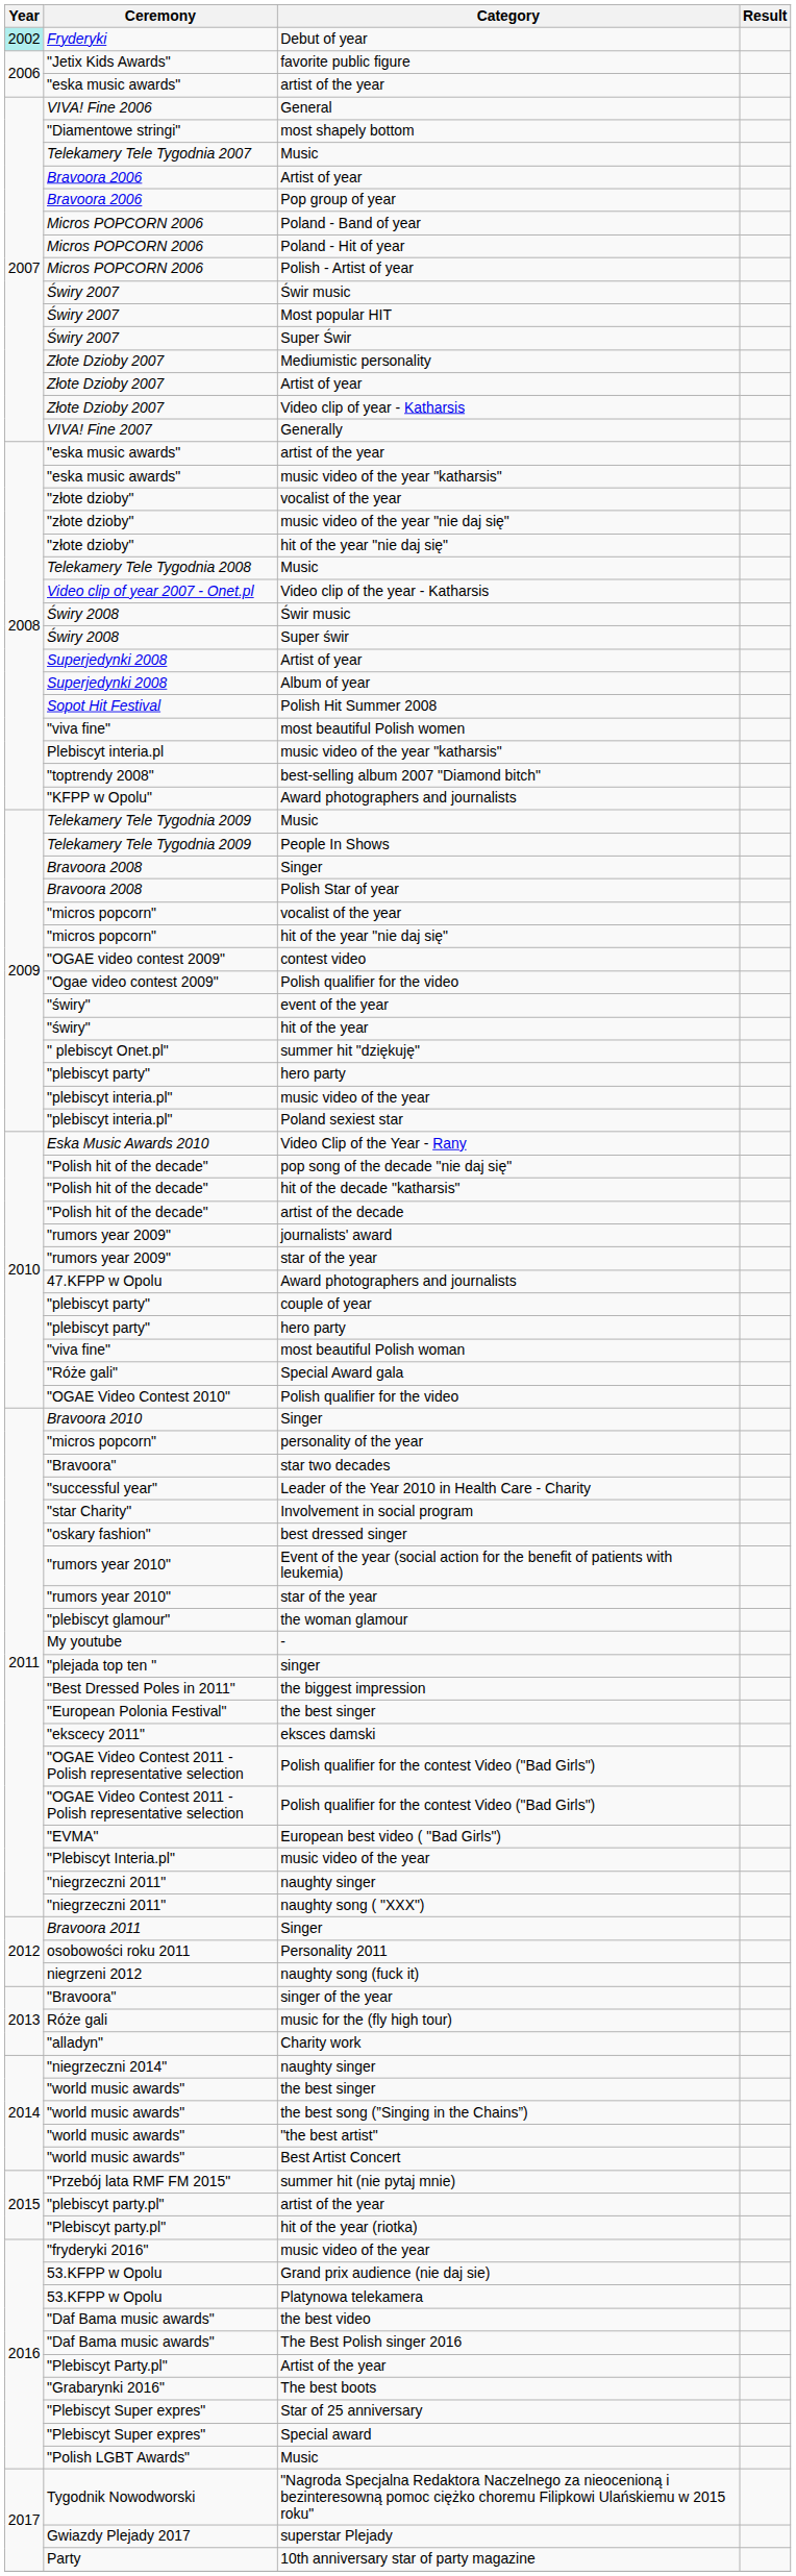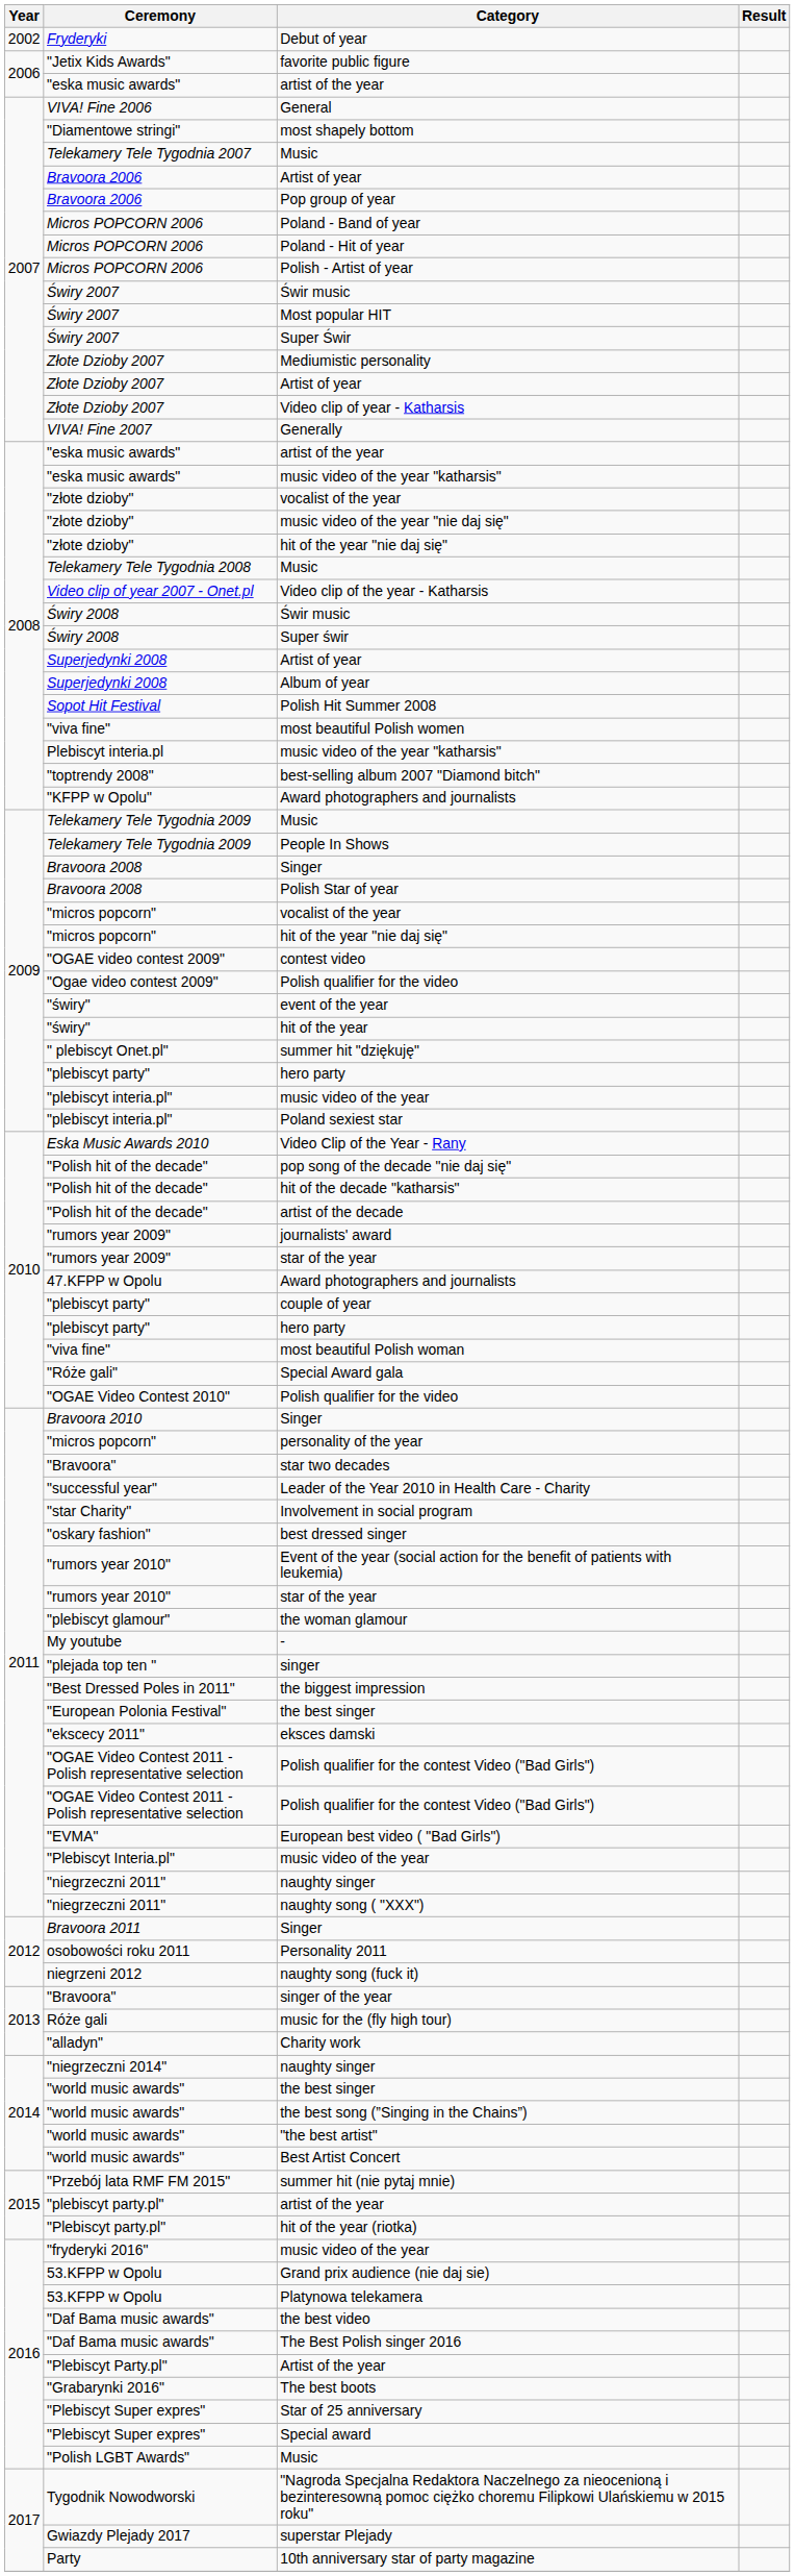 <table class="wikitable">
 <tr>
 <th align="left">Year</th>
 <th align="212">Ceremony</th>
 <th align="212">Category</th>
 <th align="left">Result</th>
 </tr>
 <tr>
-<td style="background: paleturquoise;">2002</td>
+<td>2002</td>
 <td><em><a href='#'>Fryderyki</a></em></td>
 <td>Debut of year</td>
 <td></td>
 </tr>
 <tr>
 <td rowspan="2" align="center">2006</td>
 <td>"Jetix Kids Awards"</td>
 <td>favorite public figure</td>
 <td></td>
 </tr>
 <tr>
 <td>"eska music awards"</td>
 <td>artist of the year</td>
 <td></td>
 </tr>
 <tr>
 <td rowspan="15" align="center">2007</td>
 <td><em>VIVA! Fine 2006</em></td>
 <td>General</td>
 <td></td>
 </tr>
 <tr>
 <td>"Diamentowe stringi"</td>
 <td>most shapely bottom</td>
 <td></td>
 </tr>
 <tr>
 <td><em>Telekamery Tele Tygodnia 2007</em></td>
 <td>Music</td>
 <td></td>
 </tr>
 <tr>
 <td><em><a href='#'>Bravoora 2006</a></em></td>
 <td>Artist of year</td>
 <td></td>
 </tr>
 <tr>
 <td><em><a href='#'>Bravoora 2006</a></em></td>
 <td>Pop group of year</td>
 <td></td>
 </tr>
 <tr>
 <td><em>Micros POPCORN 2006</em></td>
 <td>Poland - Band of year</td>
 <td></td>
 </tr>
 <tr>
 <td><em>Micros POPCORN 2006</em></td>
 <td>Poland - Hit of year</td>
 <td></td>
 </tr>
 <tr>
 <td><em>Micros POPCORN 2006</em></td>
 <td>Polish - Artist of year</td>
 <td></td>
 </tr>
 <tr>
 <td><em>Świry 2007</em></td>
 <td>Świr music</td>
 <td></td>
 </tr>
 <tr>
 <td><em>Świry 2007</em></td>
 <td>Most popular HIT</td>
 <td></td>
 </tr>
 <tr>
 <td><em>Świry 2007</em></td>
 <td>Super Świr</td>
 <td></td>
 </tr>
 <tr>
 <td><em>Złote Dzioby 2007</em></td>
 <td>Mediumistic personality</td>
 <td></td>
 </tr>
 <tr>
 <td><em>Złote Dzioby 2007</em></td>
 <td>Artist of year</td>
 <td></td>
 </tr>
 <tr>
 <td><em>Złote Dzioby 2007</em></td>
 <td>Video clip of year - <a href='#'>Katharsis</a></td>
 <td></td>
 </tr>
 <tr>
 <td><em>VIVA! Fine 2007</em></td>
 <td>Generally</td>
 <td></td>
 </tr>
 <tr>
 <td rowspan="16" align="center">2008</td>
 <td>"eska music awards"</td>
 <td>artist of the year</td>
 <td></td>
 </tr>
 <tr>
 <td>"eska music awards"</td>
 <td>music video of the year "katharsis"</td>
 <td></td>
 </tr>
 <tr>
 <td>"złote dzioby"</td>
 <td>vocalist of the year</td>
 <td></td>
 </tr>
 <tr>
 <td>"złote dzioby"</td>
 <td>music video of the year "nie daj się"</td>
 <td></td>
 </tr>
 <tr>
 <td>"złote dzioby"</td>
 <td>hit of the year "nie daj się"</td>
 <td></td>
 </tr>
 <tr>
 <td><em>Telekamery Tele Tygodnia 2008</em></td>
 <td>Music</td>
 <td></td>
 </tr>
 <tr>
 <td><em><a href='#'>Video clip of year 2007 - Onet.pl</a></em></td>
 <td>Video clip of the year  - Katharsis</td>
 <td></td>
 </tr>
 <tr>
 <td><em>Świry 2008</em></td>
 <td>Świr music</td>
 <td></td>
 </tr>
 <tr>
 <td><em>Świry 2008</em></td>
 <td>Super świr</td>
 <td></td>
 </tr>
 <tr>
 <td><em><a href='#'>Superjedynki 2008</a></em></td>
 <td>Artist of year</td>
 <td></td>
 </tr>
 <tr>
 <td><em><a href='#'>Superjedynki 2008</a></em></td>
 <td>Album of year</td>
 <td></td>
 </tr>
 <tr>
 <td><em><a href='#'>Sopot Hit Festival</a></em></td>
 <td>Polish Hit Summer 2008</td>
 <td></td>
 </tr>
 <tr>
 <td>"viva fine"</td>
 <td>most beautiful Polish women</td>
 <td></td>
 </tr>
 <tr>
 <td>Plebiscyt interia.pl</td>
 <td>music video of the year "katharsis"</td>
 <td></td>
 </tr>
 <tr>
 <td>"toptrendy 2008"</td>
 <td>best-selling album 2007 "Diamond bitch"</td>
 <td></td>
 </tr>
 <tr>
 <td>"KFPP w Opolu"</td>
 <td>Award photographers and journalists</td>
 <td></td>
 </tr>
 <tr>
 <td rowspan="14" align="center">2009</td>
 <td><em>Telekamery Tele Tygodnia 2009</em></td>
 <td>Music</td>
 <td></td>
 </tr>
 <tr>
 <td><em>Telekamery Tele Tygodnia 2009</em></td>
 <td>People In Shows<br></td>
 <td></td>
 </tr>
 <tr>
 <td><em>Bravoora 2008</em></td>
 <td>Singer</td>
 <td></td>
 </tr>
 <tr>
 <td><em>Bravoora 2008</em></td>
 <td>Polish Star of year</td>
 <td></td>
 </tr>
 <tr>
 <td>"micros popcorn"</td>
 <td>vocalist of the year</td>
 <td></td>
 </tr>
 <tr>
 <td>"micros popcorn"</td>
 <td>hit of the year "nie daj się"</td>
 <td></td>
 </tr>
 <tr>
 <td>"OGAE video contest 2009"</td>
 <td>contest video</td>
 <td></td>
 </tr>
 <tr>
 <td>"Ogae video contest 2009"</td>
 <td>Polish qualifier for the video</td>
 <td></td>
 </tr>
 <tr>
 <td>"świry"</td>
 <td>event of the year</td>
 <td></td>
 </tr>
 <tr>
 <td>"świry"</td>
 <td>hit of the year</td>
 <td></td>
 </tr>
 <tr>
 <td>" plebiscyt Onet.pl"</td>
 <td>summer hit "dziękuję"</td>
 <td></td>
 </tr>
 <tr>
 <td>"plebiscyt party"</td>
 <td>hero party</td>
 <td></td>
 </tr>
 <tr>
 <td>"plebiscyt interia.pl"</td>
 <td>music video of the year</td>
 <td></td>
 </tr>
 <tr>
 <td>"plebiscyt interia.pl"</td>
 <td>Poland sexiest star</td>
 <td></td>
 </tr>
 <tr>
 <td rowspan="12" align="center">2010</td>
 <td><em>Eska Music Awards 2010</em></td>
 <td>Video Clip of the Year - <a href='#'>Rany</a></td>
 <td></td>
 </tr>
 <tr>
 <td>"Polish hit of the decade"</td>
 <td>pop song of the decade "nie daj się"</td>
 <td></td>
 </tr>
 <tr>
 <td>"Polish hit of the decade"</td>
 <td>hit of the decade "katharsis"</td>
 <td></td>
 </tr>
 <tr>
 <td>"Polish hit of the decade"</td>
 <td>artist of the decade</td>
 <td></td>
 </tr>
 <tr>
 <td>"rumors   year 2009"</td>
 <td>journalists' award</td>
 <td></td>
 </tr>
 <tr>
 <td>"rumors   year 2009"</td>
 <td>star of the year</td>
 <td></td>
 </tr>
 <tr>
 <td>47.KFPP w Opolu</td>
 <td>Award photographers and journalists</td>
 <td></td>
 </tr>
 <tr>
 <td>"plebiscyt party"</td>
 <td>couple of year</td>
 <td></td>
 </tr>
 <tr>
 <td>"plebiscyt party"</td>
 <td>hero party</td>
 <td></td>
 </tr>
 <tr>
 <td>"viva fine"</td>
 <td>most beautiful Polish woman</td>
 <td></td>
 </tr>
 <tr>
 <td>"Róże gali"</td>
 <td>Special Award gala</td>
 <td></td>
 </tr>
 <tr>
 <td>"OGAE Video Contest 2010"</td>
 <td>Polish qualifier for the video</td>
 <td></td>
 </tr>
 <tr>
 <td rowspan="20" align="center">2011</td>
 <td><em>Bravoora 2010</em></td>
 <td>Singer</td>
 <td></td>
 </tr>
 <tr>
 <td>"micros popcorn"</td>
 <td>personality of the year</td>
 <td></td>
 </tr>
 <tr>
 <td>"Bravoora"</td>
 <td>star two decades</td>
 <td></td>
 </tr>
 <tr>
 <td>"successful year"</td>
 <td>Leader of the Year 2010 in Health Care - Charity</td>
 <td></td>
 </tr>
 <tr>
 <td>"star Charity"</td>
 <td>Involvement in social program</td>
 <td></td>
 </tr>
 <tr>
 <td>"oskary fashion"</td>
 <td>best dressed singer</td>
 <td></td>
 </tr>
 <tr>
 <td>"rumors year 2010"</td>
 <td>Event of the year (social action for the benefit of patients with leukemia)</td>
 <td></td>
 </tr>
 <tr>
 <td>"rumors year 2010"</td>
 <td>star of the year</td>
 <td></td>
 </tr>
 <tr>
 <td>"plebiscyt glamour"</td>
 <td>the woman glamour</td>
 <td></td>
 </tr>
 <tr>
 <td>My youtube</td>
 <td>-</td>
 <td></td>
 </tr>
 <tr>
 <td>"plejada top ten "</td>
 <td>singer</td>
 <td></td>
 </tr>
 <tr>
 <td>"Best Dressed Poles in 2011"</td>
 <td>the biggest impression</td>
 <td></td>
 </tr>
 <tr>
 <td>"European Polonia Festival"</td>
 <td>the best singer</td>
 <td></td>
 </tr>
 <tr>
 <td>"ekscecy 2011"</td>
 <td>eksces damski</td>
 <td></td>
 </tr>
 <tr>
 <td>"OGAE Video Contest 2011 - Polish representative selection</td>
 <td>Polish qualifier for the contest Video ("Bad Girls")</td>
 <td></td>
 </tr>
 <tr>
 <td>"OGAE Video Contest 2011 - Polish representative selection</td>
 <td>Polish qualifier for the contest Video ("Bad Girls")</td>
 <td></td>
 </tr>
 <tr>
 <td>"EVMA"</td>
 <td>European best video ( "Bad Girls")</td>
 <td></td>
 </tr>
 <tr>
 <td>"Plebiscyt Interia.pl"</td>
 <td>music video of the year</td>
 <td></td>
 </tr>
 <tr>
 <td>"niegrzeczni 2011"</td>
 <td>naughty singer</td>
 <td></td>
 </tr>
 <tr>
 <td>"niegrzeczni 2011"</td>
 <td>naughty song ( "XXX")</td>
 <td></td>
 </tr>
 <tr>
 <td rowspan="3" align="center">2012</td>
 <td><em>Bravoora 2011</em></td>
 <td>Singer</td>
 <td></td>
 </tr>
 <tr>
 <td>osobowości roku 2011</td>
 <td>Personality 2011</td>
 <td></td>
 </tr>
 <tr>
 <td>niegrzeni 2012</td>
 <td>naughty song (fuck it)</td>
 <td></td>
 </tr>
 <tr>
 <td rowspan="3" align="center">2013</td>
 <td>"Bravoora"</td>
 <td>singer of the year</td>
 <td></td>
 </tr>
 <tr>
 <td>Róże gali</td>
 <td>music for the (fly high tour)</td>
 <td></td>
 </tr>
 <tr>
 <td>"alladyn"</td>
 <td>Charity work</td>
 <td></td>
 </tr>
 <tr>
 <td rowspan="5" align="center">2014</td>
 <td>"niegrzeczni 2014"</td>
 <td>naughty singer</td>
 <td></td>
 </tr>
 <tr>
 <td>"world music awards"</td>
 <td>the best singer</td>
 <td></td>
 </tr>
 <tr>
 <td>"world music awards"</td>
 <td>the best song (”Singing in the Chains”)</td>
 <td></td>
 </tr>
 <tr>
 <td>"world music awards"</td>
 <td>"the best artist"</td>
 <td></td>
 </tr>
 <tr>
 <td>"world music awards"</td>
 <td>Best Artist Concert</td>
 <td></td>
 </tr>
 <tr>
 <td rowspan="3" align="center">2015</td>
 <td>"Przebój lata RMF FM 2015"</td>
 <td>summer hit (nie pytaj mnie)</td>
 <td></td>
 </tr>
 <tr>
 <td>"plebiscyt party.pl"</td>
 <td>artist of the year</td>
 <td></td>
 </tr>
 <tr>
 <td>"Plebiscyt party.pl"</td>
 <td>hit of the year (riotka)</td>
 <td></td>
 </tr>
 <tr>
 <td rowspan="10" align="center">2016</td>
 <td>"fryderyki 2016"</td>
 <td>music video of the year</td>
 <td></td>
 </tr>
 <tr>
 <td>53.KFPP w Opolu</td>
 <td>Grand prix audience (nie daj sie)</td>
 <td></td>
 </tr>
 <tr>
 <td>53.KFPP w Opolu</td>
 <td>Platynowa telekamera</td>
 <td></td>
 </tr>
 <tr>
 <td>"Daf Bama music awards"</td>
 <td>the best video</td>
 <td></td>
 </tr>
 <tr>
 <td>"Daf Bama music awards"</td>
 <td>The Best Polish singer 2016</td>
 <td></td>
 </tr>
 <tr>
 <td>"Plebiscyt Party.pl"</td>
 <td>Artist of the year</td>
 <td></td>
 </tr>
 <tr>
 <td>"Grabarynki 2016"</td>
 <td>The best boots</td>
 <td></td>
 </tr>
 <tr>
 <td>"Plebiscyt Super expres"</td>
 <td>Star of 25 anniversary</td>
 <td></td>
 </tr>
 <tr>
 <td>"Plebiscyt Super expres"</td>
 <td>Special award</td>
 <td></td>
 </tr>
 <tr>
 <td>"Polish LGBT Awards"</td>
 <td>Music</td>
 <td></td>
 </tr>
 <tr>
 <td rowspan="3" align="center">2017</td>
 <td>Tygodnik Nowodworski</td>
 <td>"Nagroda Specjalna Redaktora Naczelnego za nieocenioną i bezinteresowną pomoc ciężko choremu Filipkowi Ulańskiemu w 2015 roku"</td>
 <td></td>
 </tr>
 <tr>
 <td>Gwiazdy Plejady 2017</td>
 <td>superstar Plejady</td>
 <td></td>
 </tr>
 <tr>
 <td>Party</td>
 <td>10th anniversary star of party magazine</td>
 <td></td>
 </tr>
 <tr>
 </tr>
 </table>
